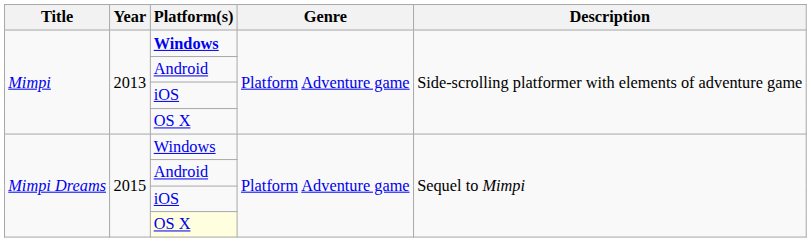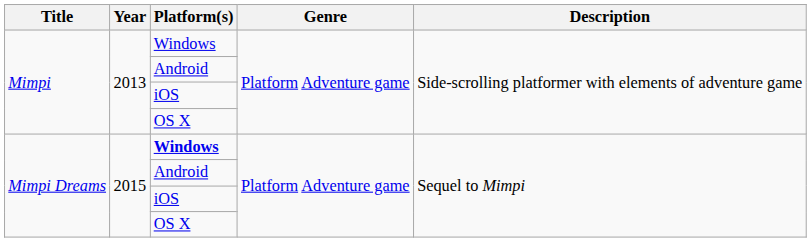 <table class="wikitable sortable">
 <tr>
 <th scope="col">Title</th>
 <th>Year</th>
 <th>Platform(s)</th>
 <th>Genre</th>
 <th>Description</th>
 </tr>
 <tr>
 <td rowspan="4"><em><a href='#'>Mimpi</a></em></td>
 <td rowspan="4">2013</td>
-<td><strong><a href='#'>Windows</a></strong></td>
+<td><a href='#'>Windows</a></td>
 <td rowspan="4"><a href='#'>Platform</a> <a href='#'>Adventure game</a></td>
 <td rowspan="4">Side-scrolling platformer with elements of adventure game</td>
 </tr>
 <tr>
 <td><a href='#'>Android</a></td>
 </tr>
 <tr>
 <td><a href='#'>iOS</a></td>
 </tr>
 <tr>
 <td><a href='#'>OS X</a></td>
 </tr>
 <tr>
 <td rowspan="4"><em><a href='#'>Mimpi Dreams</a></em></td>
 <td rowspan="4">2015</td>
-<td><a href='#'>Windows</a></td>
+<td><strong><a href='#'>Windows</a></strong></td>
 <td rowspan="4"><a href='#'>Platform</a> <a href='#'>Adventure game</a></td>
 <td rowspan="4">Sequel to <em>Mimpi</em></td>
 </tr>
 <tr>
 <td><a href='#'>Android</a></td>
 </tr>
 <tr>
 <td><a href='#'>iOS</a></td>
 </tr>
 <tr>
-<td style="background: lightyellow;"><a href='#'>OS X</a></td>
+<td><a href='#'>OS X</a></td>
 </tr>
 </table>
